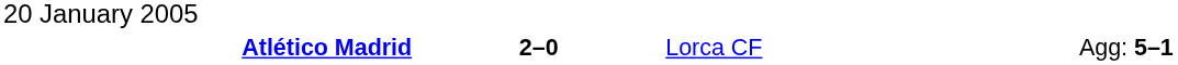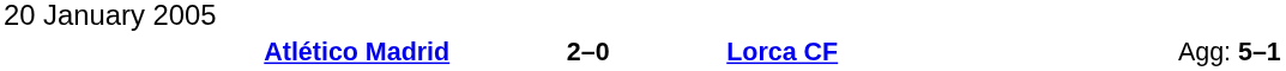 <table width=100% cellspacing=1>
 <tr>
 <th width=20%></th>
 <th width=12%></th>
 <th width=20%></th>
 <th></th>
 </tr>
 <tr>
 <td>20 January 2005</td>
 </tr>
 <tr style=font-size:90%>
 <td align=right><strong><a href='#'>Atlético Madrid</a></strong></td>
 <td align=center><strong>2–0</strong></td>
-<td><a href='#'>Lorca CF</a></td>
+<td><strong><a href='#'>Lorca CF</a></strong></td>
 <td>Agg: <strong>5–1</strong></td>
 </tr>
 </table>
